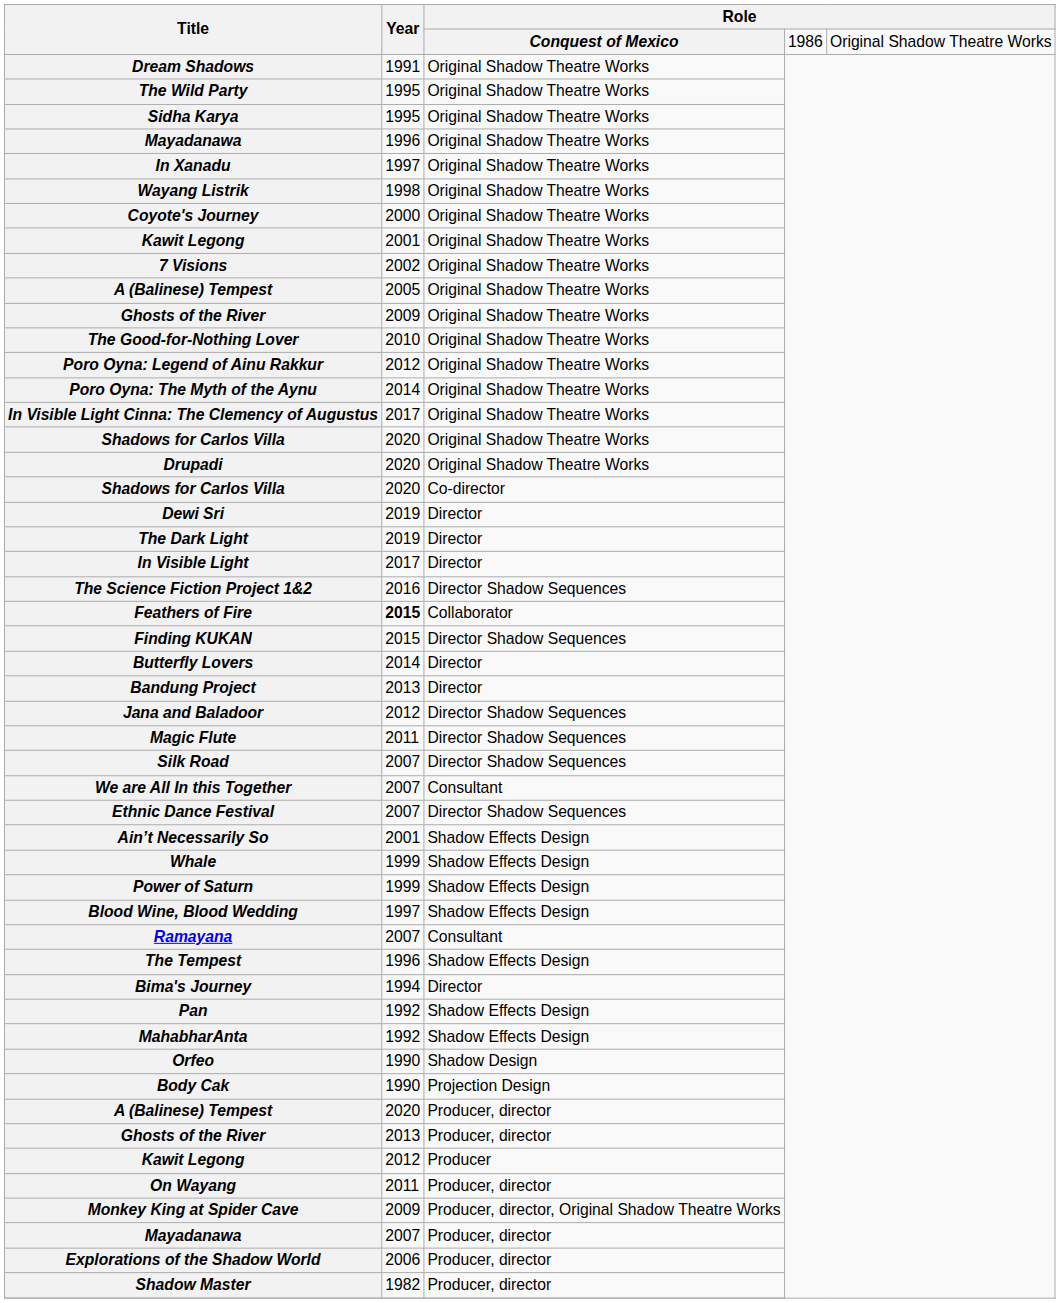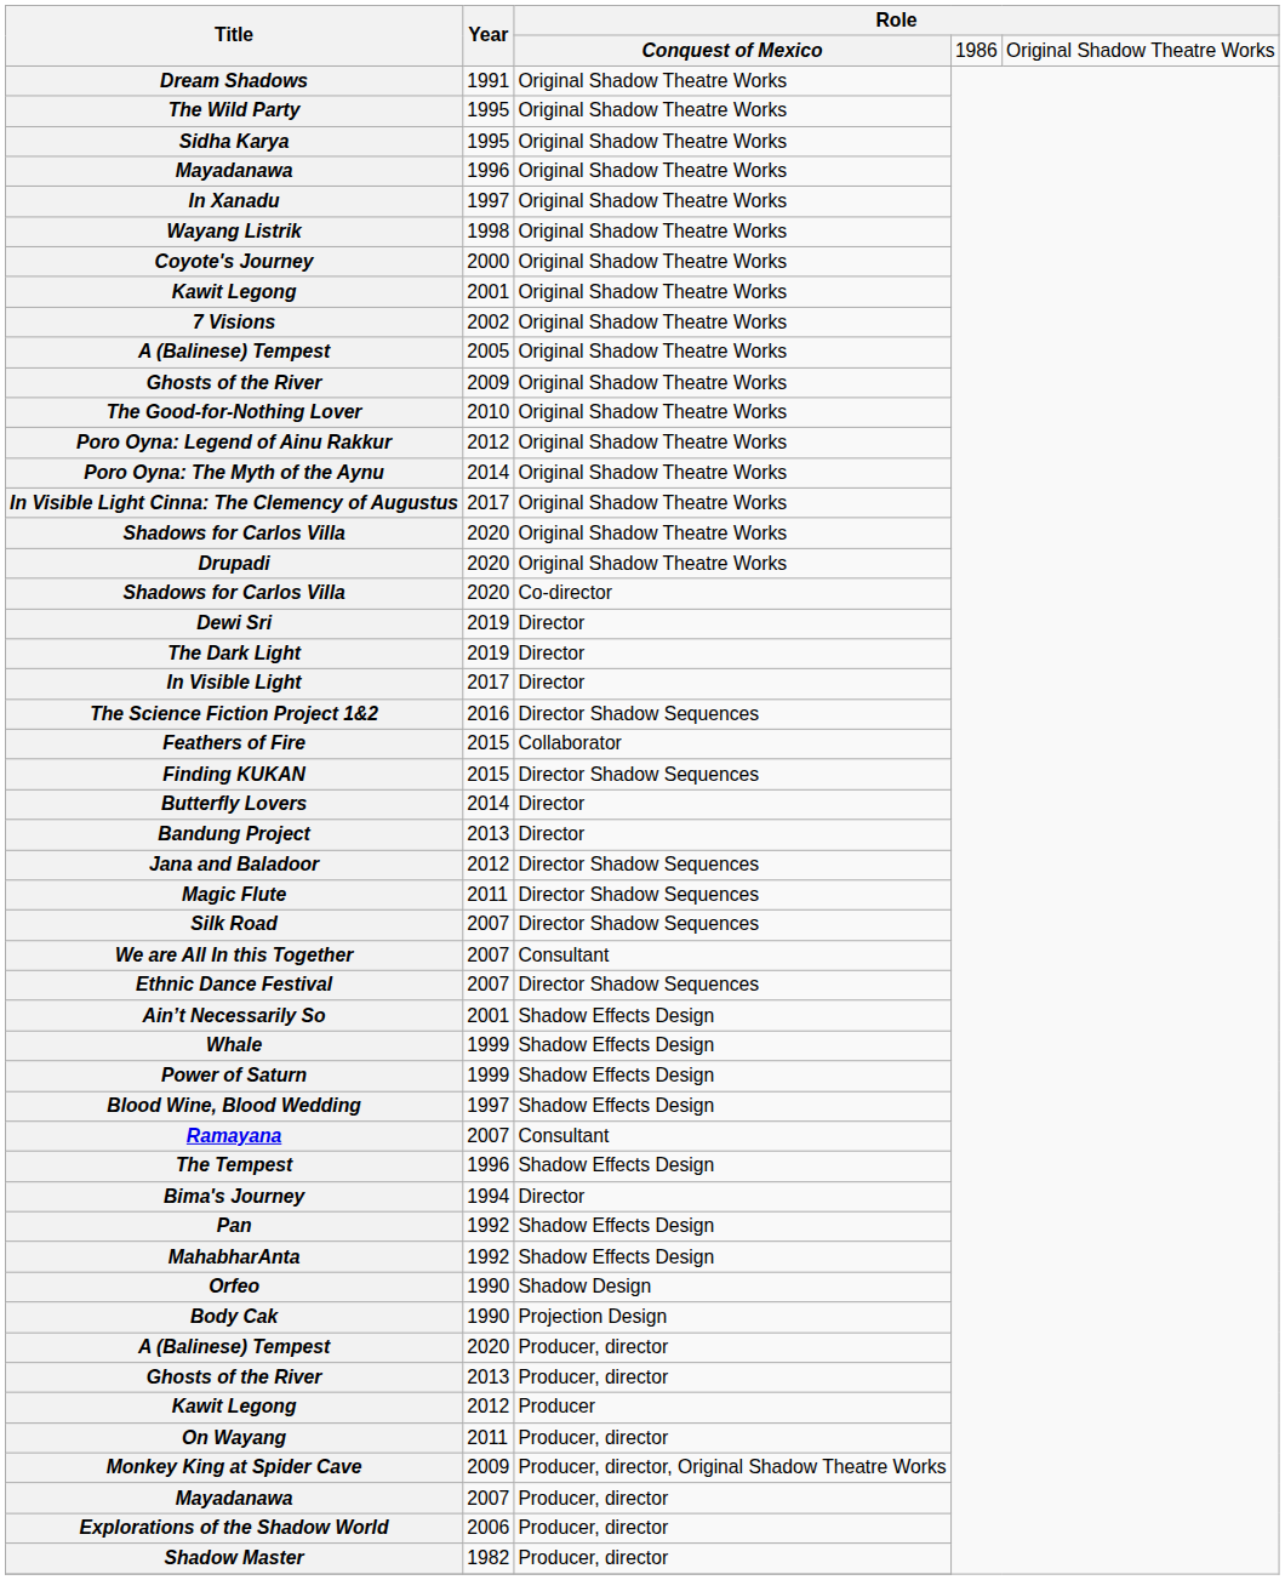 <table class="wikitable sortable plainrowheaders" style="margin-right: 99;">
 <tr>
 <th rowspan="2">Title</th>
 <th rowspan="2">Year</th>
 <th colspan="8">Role</th>
 </tr>
 <tr>
 <th scope="row"><em>Conquest of Mexico</em></th>
 <td>1986</td>
 <td>Original Shadow Theatre Works</td>
 </tr>
 <tr>
 <th scope="row"><em>Dream Shadows</em></th>
 <td>1991</td>
 <td>Original Shadow Theatre Works</td>
 </tr>
 <tr>
 <th scope="row"><em>The Wild Party</em></th>
 <td>1995</td>
 <td>Original Shadow Theatre Works</td>
 </tr>
 <tr>
 <th scope="row"><em>Sidha Karya</em></th>
 <td>1995</td>
 <td>Original Shadow Theatre Works</td>
 </tr>
 <tr>
 <th scope="row"><em>Mayadanawa</em></th>
 <td>1996</td>
 <td>Original Shadow Theatre Works</td>
 </tr>
 <tr>
 <th scope="row"><em>In Xanadu</em></th>
 <td>1997</td>
 <td>Original Shadow Theatre Works</td>
 </tr>
 <tr>
 <th scope="row"><em>Wayang Listrik</em></th>
 <td>1998</td>
 <td>Original Shadow Theatre Works</td>
 </tr>
 <tr>
 <th scope="row"><em>Coyote's Journey</em></th>
 <td>2000</td>
 <td>Original Shadow Theatre Works</td>
 </tr>
 <tr>
 <th scope="row"><em>Kawit Legong</em></th>
 <td>2001</td>
 <td>Original Shadow Theatre Works</td>
 </tr>
 <tr>
 <th scope="row"><em>7 Visions</em></th>
 <td>2002</td>
 <td>Original Shadow Theatre Works</td>
 </tr>
 <tr>
 <th scope="row"><em>A (Balinese) Tempest</em></th>
 <td>2005</td>
 <td>Original Shadow Theatre Works</td>
 </tr>
 <tr>
 <th scope="row"><em>Ghosts of the River</em></th>
 <td>2009</td>
 <td>Original Shadow Theatre Works</td>
 </tr>
 <tr>
 <th scope="row"><em>The Good-for-Nothing Lover</em></th>
 <td>2010</td>
 <td>Original Shadow Theatre Works</td>
 </tr>
 <tr>
 <th scope="row"><em>Poro Oyna: Legend of Ainu Rakkur</em></th>
 <td>2012</td>
 <td>Original Shadow Theatre Works</td>
 </tr>
 <tr>
 <th scope="row"><em>Poro Oyna: The Myth of the Aynu</em></th>
 <td>2014</td>
 <td>Original Shadow Theatre Works</td>
 </tr>
 <tr>
 <th scope="row"><em>In Visible Light Cinna: The Clemency of Augustus</em></th>
 <td>2017</td>
 <td>Original Shadow Theatre Works</td>
 </tr>
 <tr>
 <th scope="row"><em>Shadows for Carlos Villa</em></th>
 <td>2020</td>
 <td>Original Shadow Theatre Works</td>
 </tr>
 <tr>
 <th scope="row"><em>Drupadi</em></th>
 <td>2020</td>
 <td>Original Shadow Theatre Works</td>
 </tr>
 <tr>
 <th scope="row"><em>Shadows for Carlos Villa</em></th>
 <td>2020</td>
 <td>Co-director</td>
 </tr>
 <tr>
 <th scope="row"><em>Dewi Sri</em></th>
 <td>2019</td>
 <td>Director</td>
 </tr>
 <tr>
 <th scope="row"><em>The Dark Light</em></th>
 <td>2019</td>
 <td>Director</td>
 </tr>
 <tr>
 <th scope="row"><em>In Visible Light</em></th>
 <td>2017</td>
 <td>Director</td>
 </tr>
 <tr>
 <th scope="row"><em>The Science Fiction Project 1&2</em></th>
 <td>2016</td>
 <td>Director Shadow Sequences</td>
 </tr>
 <tr>
 <th scope="row"><em>Feathers of Fire</em></th>
-<td><strong>2015</strong></td>
+<td>2015</td>
 <td>Collaborator</td>
 </tr>
 <tr>
 <th scope="row"><em>Finding KUKAN</em></th>
 <td>2015</td>
 <td>Director Shadow Sequences</td>
 </tr>
 <tr>
 <th scope="row"><em>Butterfly Lovers</em></th>
 <td>2014</td>
 <td>Director</td>
 </tr>
 <tr>
 <th scope="row"><em>Bandung Project</em></th>
 <td>2013</td>
 <td>Director</td>
 </tr>
 <tr>
 <th scope="row"><em>Jana and Baladoor</em></th>
 <td>2012</td>
 <td>Director Shadow Sequences</td>
 </tr>
 <tr>
 <th scope="row"><em>Magic Flute</em></th>
 <td>2011</td>
 <td>Director Shadow Sequences</td>
 </tr>
 <tr>
 <th scope="row"><em>Silk Road</em></th>
 <td>2007</td>
 <td>Director Shadow Sequences</td>
 </tr>
 <tr>
 <th scope="row"><em>We are All In this Together</em></th>
 <td>2007</td>
 <td>Consultant</td>
 </tr>
 <tr>
 <th scope="row"><em>Ethnic Dance Festival</em></th>
 <td>2007</td>
 <td>Director Shadow Sequences</td>
 </tr>
 <tr>
 <th scope="row"><em>Ain’t Necessarily So</em></th>
 <td>2001</td>
 <td>Shadow Effects Design</td>
 </tr>
 <tr>
 <th scope="row"><em>Whale</em></th>
 <td>1999</td>
 <td>Shadow Effects Design</td>
 </tr>
 <tr>
 <th scope="row"><em>Power of Saturn</em></th>
 <td>1999</td>
 <td>Shadow Effects Design</td>
 </tr>
 <tr>
 <th scope="row"><em>Blood Wine, Blood Wedding</em></th>
 <td>1997</td>
 <td>Shadow Effects Design</td>
 </tr>
 <tr>
 <th scope="row"><em><a href='#'>Ramayana</a></em></th>
 <td>2007</td>
 <td>Consultant</td>
 </tr>
 <tr>
 <th scope="row"><em>The Tempest</em></th>
 <td>1996</td>
 <td>Shadow Effects Design</td>
 </tr>
 <tr>
 <th scope="row"><em>Bima's Journey</em></th>
 <td>1994</td>
 <td>Director</td>
 </tr>
 <tr>
 <th scope="row"><em>Pan</em></th>
 <td>1992</td>
 <td>Shadow Effects Design</td>
 </tr>
 <tr>
 <th scope="row"><em>MahabharAnta</em></th>
 <td>1992</td>
 <td>Shadow Effects Design</td>
 </tr>
 <tr>
 <th scope="row"><em>Orfeo</em></th>
 <td>1990</td>
 <td>Shadow Design</td>
 </tr>
 <tr>
 <th scope="row"><em>Body Cak</em></th>
 <td>1990</td>
 <td>Projection Design</td>
 </tr>
 <tr>
 <th scope="row"><em>A (Balinese) Tempest</em></th>
 <td>2020</td>
 <td>Producer, director</td>
 </tr>
 <tr>
 <th scope="row"><em>Ghosts of the River</em></th>
 <td>2013</td>
 <td>Producer, director</td>
 </tr>
 <tr>
 <th scope="row"><em>Kawit Legong</em></th>
 <td>2012</td>
 <td>Producer</td>
 </tr>
 <tr>
 <th scope="row"><em>On Wayang</em></th>
 <td>2011</td>
 <td>Producer, director</td>
 </tr>
 <tr>
 <th scope="row"><em>Monkey King at Spider Cave</em></th>
 <td>2009</td>
 <td>Producer, director, Original Shadow Theatre Works</td>
 </tr>
 <tr>
 <th scope="row"><em>Mayadanawa</em></th>
 <td>2007</td>
 <td>Producer, director</td>
 </tr>
 <tr>
 <th scope="row"><em>Explorations of the Shadow World</em></th>
 <td>2006</td>
 <td>Producer, director</td>
 </tr>
 <tr>
 <th scope="row"><em>Shadow Master</em></th>
 <td>1982</td>
 <td>Producer, director</td>
 </tr>
 <tr>
 </tr>
 </table>
